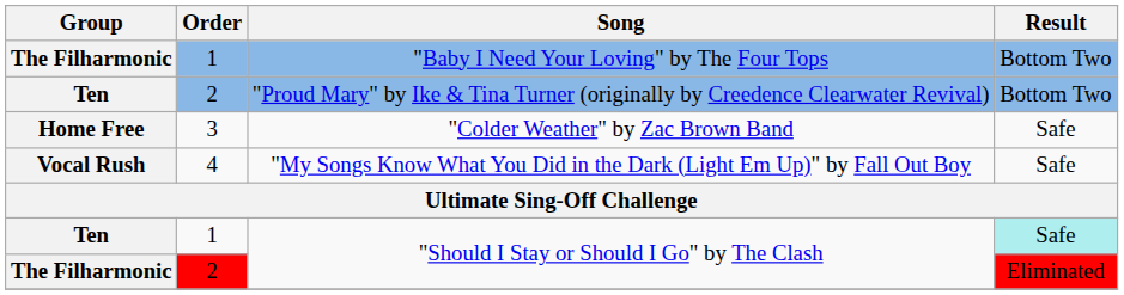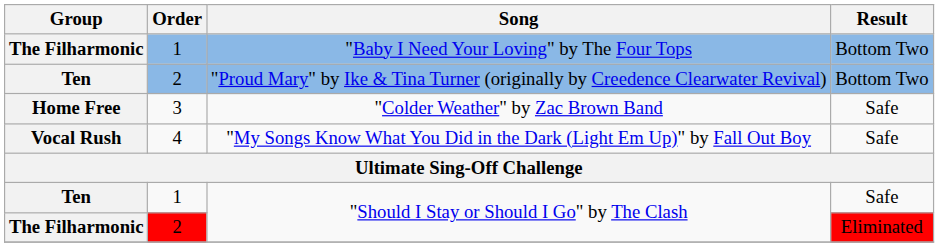 <table class="wikitable plainrowheaders" style="text-align:center;">
 <tr>
 <th scope="col">Group</th>
 <th scope="col">Order</th>
 <th scope="col">Song</th>
 <th scope="col">Result</th>
 </tr>
 <tr>
 <th scope="row">The Filharmonic</th>
 <td bgcolor="8AB8E6">1</td>
 <td bgcolor="8AB8E6">"<a href='#'>Baby I Need Your Loving</a>" by The <a href='#'>Four Tops</a></td>
 <td bgcolor="8AB8E6">Bottom Two</td>
 </tr>
 <tr>
 <th scope="row">Ten</th>
 <td bgcolor="8AB8E6">2</td>
 <td bgcolor="8AB8E6">"<a href='#'>Proud Mary</a>" by <a href='#'>Ike & Tina Turner</a> (originally by <a href='#'>Creedence Clearwater Revival</a>)</td>
 <td bgcolor="8AB8E6">Bottom Two</td>
 </tr>
 <tr>
 <th scope="row">Home Free</th>
 <td>3</td>
 <td>"<a href='#'>Colder Weather</a>" by <a href='#'>Zac Brown Band</a></td>
 <td>Safe</td>
 </tr>
 <tr>
 <th scope="row">Vocal Rush</th>
 <td>4</td>
 <td>"<a href='#'>My Songs Know What You Did in the Dark (Light Em Up)</a>" by <a href='#'>Fall Out Boy</a></td>
 <td>Safe</td>
 </tr>
 <tr>
 <th scope="col" colspan="6">Ultimate Sing-Off Challenge</th>
 </tr>
 <tr>
 <th scope="row">Ten</th>
 <td>1</td>
 <td rowspan="2">"<a href='#'>Should I Stay or Should I Go</a>" by <a href='#'>The Clash</a></td>
-<td style="background: paleturquoise;">Safe</td>
+<td>Safe</td>
 </tr>
 <tr>
 <th scope="row">The Filharmonic</th>
 <td bgcolor="red">2</td>
 <td bgcolor="red">Eliminated</td>
 </tr>
 <tr>
 </tr>
 </table>
